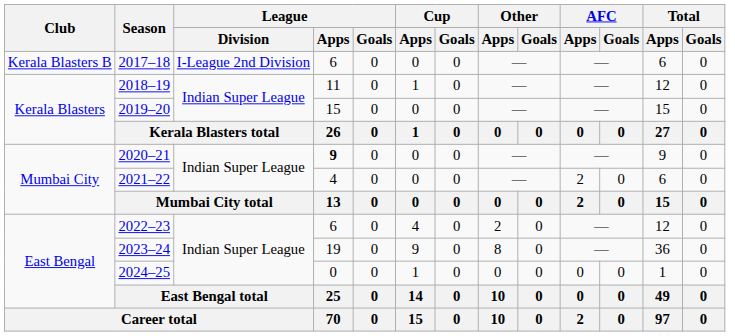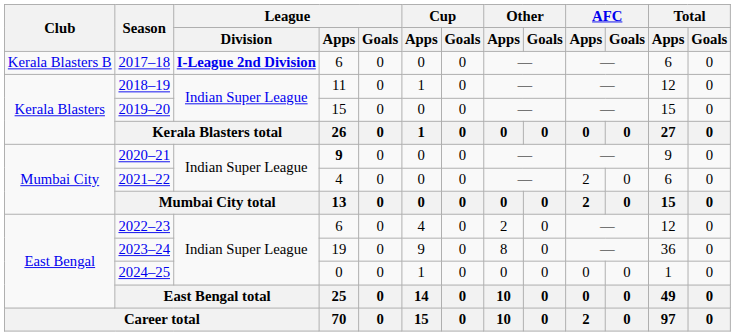 <table class="wikitable" style="text-align: center;">
 <tr>
 <th rowspan="2">Club</th>
 <th rowspan="2">Season</th>
 <th colspan="3">League</th>
 <th colspan="2">Cup</th>
 <th colspan="2">Other</th>
 <th colspan="2"><a href='#'>AFC</a></th>
 <th colspan="2">Total</th>
 </tr>
 <tr>
 <th>Division</th>
 <th>Apps</th>
 <th>Goals</th>
 <th>Apps</th>
 <th>Goals</th>
 <th>Apps</th>
 <th>Goals</th>
 <th>Apps</th>
 <th>Goals</th>
 <th>Apps</th>
 <th>Goals</th>
 </tr>
 <tr>
 <td rowspan="1"><a href='#'>Kerala Blasters B</a></td>
 <td><a href='#'>2017–18</a></td>
-<td rowspan="1"><a href='#'>I-League 2nd Division</a></td>
+<td rowspan="1"><strong><a href='#'>I-League 2nd Division</a></strong></td>
 <td>6</td>
 <td>0</td>
 <td>0</td>
 <td>0</td>
 <td colspan="2">—</td>
 <td colspan="2">—</td>
 <td>6</td>
 <td>0</td>
 </tr>
 <tr>
 <td rowspan="3"><a href='#'>Kerala Blasters</a></td>
 <td><a href='#'>2018–19</a></td>
 <td rowspan="2"><a href='#'>Indian Super League</a></td>
 <td>11</td>
 <td>0</td>
 <td>1</td>
 <td>0</td>
 <td colspan="2">—</td>
 <td colspan="2">—</td>
 <td>12</td>
 <td>0</td>
 </tr>
 <tr>
 <td><a href='#'>2019–20</a></td>
 <td>15</td>
 <td>0</td>
 <td>0</td>
 <td>0</td>
 <td colspan="2">—</td>
 <td colspan="2">—</td>
 <td>15</td>
 <td>0</td>
 </tr>
 <tr>
 <th colspan="2">Kerala Blasters total</th>
 <th>26</th>
 <th>0</th>
 <th>1</th>
 <th>0</th>
 <th>0</th>
 <th>0</th>
 <th>0</th>
 <th>0</th>
 <th>27</th>
 <th>0</th>
 </tr>
 <tr>
 <td rowspan="3"><a href='#'>Mumbai City</a></td>
 <td><a href='#'>2020–21</a></td>
 <td rowspan="2">Indian Super League</td>
 <td><strong>9</strong></td>
 <td>0</td>
 <td>0</td>
 <td>0</td>
 <td colspan="2">—</td>
 <td colspan="2">—</td>
 <td>9</td>
 <td>0</td>
 </tr>
 <tr>
 <td><a href='#'>2021–22</a></td>
 <td>4</td>
 <td>0</td>
 <td>0</td>
 <td>0</td>
 <td colspan="2">—</td>
 <td>2</td>
 <td>0</td>
 <td>6</td>
 <td>0</td>
 </tr>
 <tr>
 <th colspan="2">Mumbai City total</th>
 <th>13</th>
 <th>0</th>
 <th>0</th>
 <th>0</th>
 <th>0</th>
 <th>0</th>
 <th>2</th>
 <th>0</th>
 <th>15</th>
 <th>0</th>
 </tr>
 <tr>
 <td rowspan="4"><a href='#'>East Bengal</a></td>
 <td><a href='#'>2022–23</a></td>
 <td rowspan="3">Indian Super League</td>
 <td>6</td>
 <td>0</td>
 <td>4</td>
 <td>0</td>
 <td>2</td>
 <td>0</td>
 <td colspan="2">—</td>
 <td>12</td>
 <td>0</td>
 </tr>
 <tr>
 <td><a href='#'>2023–24</a></td>
 <td>19</td>
 <td>0</td>
 <td>9</td>
 <td>0</td>
 <td>8</td>
 <td>0</td>
 <td colspan="2">—</td>
 <td>36</td>
 <td>0</td>
 </tr>
 <tr>
 <td><a href='#'>2024–25</a></td>
 <td>0</td>
 <td>0</td>
 <td>1</td>
 <td>0</td>
 <td>0</td>
 <td>0</td>
 <td>0</td>
 <td>0</td>
 <td>1</td>
 <td>0</td>
 </tr>
 <tr>
 <th colspan="2">East Bengal total</th>
 <th>25</th>
 <th>0</th>
 <th>14</th>
 <th>0</th>
 <th>10</th>
 <th>0</th>
 <th>0</th>
 <th>0</th>
 <th>49</th>
 <th>0</th>
 </tr>
 <tr>
 <th colspan="3">Career total</th>
 <th>70</th>
 <th>0</th>
 <th>15</th>
 <th>0</th>
 <th>10</th>
 <th>0</th>
 <th>2</th>
 <th>0</th>
 <th>97</th>
 <th>0</th>
 </tr>
 </table>
